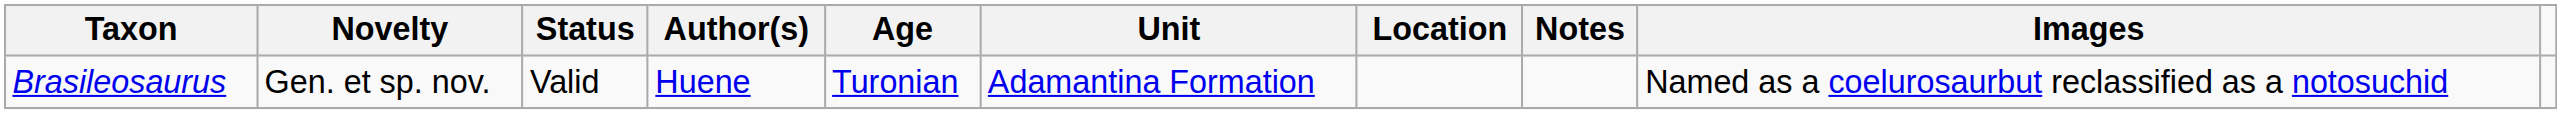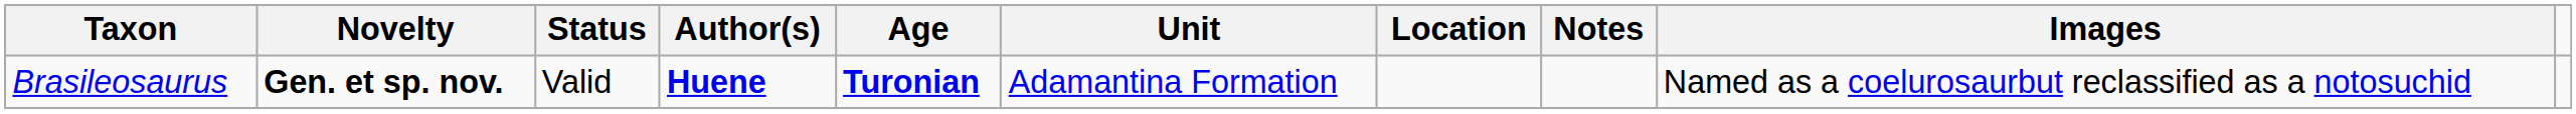 <table class="wikitable sortable" align="center" width="100%">
 <tr>
 <th>Taxon</th>
 <th>Novelty</th>
 <th>Status</th>
 <th>Author(s)</th>
 <th>Age</th>
 <th>Unit</th>
 <th>Location</th>
 <th>Notes</th>
 <th>Images</th>
 </tr>
 <tr>
 <td><em><a href='#'>Brasileosaurus</a></em></td>
-<td>Gen. et sp. nov.</td>
+<td><strong>Gen. et sp. nov.</strong></td>
 <td>Valid</td>
-<td><a href='#'>Huene</a></td>
-<td><a href='#'>Turonian</a></td>
+<td><strong><a href='#'>Huene</a></strong></td>
+<td><strong><a href='#'>Turonian</a></strong></td>
 <td><a href='#'>Adamantina Formation</a></td>
 <td></td>
 <td></td>
 <td>Named as a <a href='#'>coelurosaurbut</a> reclassified as a <a href='#'>notosuchid</a></td>
 <td></td>
 </tr>
 <tr>
 </tr>
 </table>
